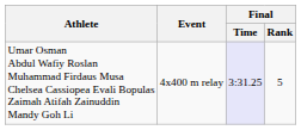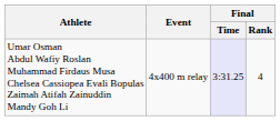 <table class="wikitable" style="font-size:90%">
 <tr>
 <th rowspan="2">Athlete</th>
 <th rowspan="2">Event</th>
 <th colspan="2">Final</th>
 </tr>
 <tr>
 <th>Time</th>
 <th>Rank</th>
 </tr>
 <tr align="center">
 <td align="left">Umar Osman<br>Abdul Wafiy Roslan<br>Muhammad Firdaus Musa<br>Chelsea Cassiopea Evali Bopulas<br>Zaimah Atifah Zainuddin<br>Mandy Goh Li</td>
 <td align="left">4x400 m relay</td>
 <td style="background: lavender;">3:31.25</td>
-<td>5</td>
+<td>4</td>
 </tr>
 </table>
